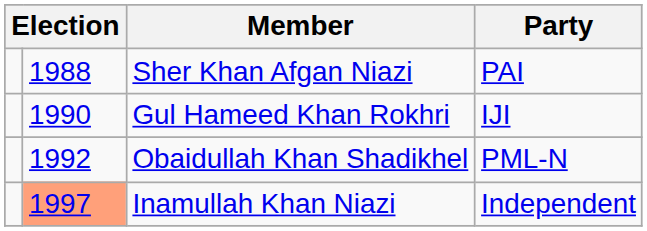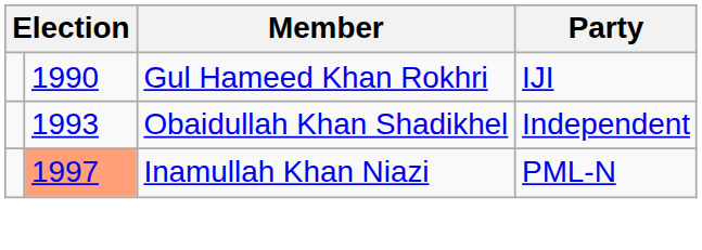 <table class="wikitable">
 <tr>
 <th colspan="2">Election</th>
 <th>Member</th>
 <th>Party</th>
-</tr>
-<tr>
-<td style="background-color: "></td>
-<td><a href='#'>1988</a></td>
-<td><a href='#'>Sher Khan Afgan Niazi</a></td>
-<td><a href='#'>PAI</a></td>
 </tr>
 <tr>
 <td style="background-color: "></td>
 <td><a href='#'>1990</a></td>
 <td><a href='#'>Gul Hameed Khan Rokhri</a></td>
 <td><a href='#'>IJI</a></td>
 </tr>
 <tr>
 <td style="background-color: "></td>
-<td><a href='#'>1992</a></td>
+<td><a href='#'>1993</a></td>
 <td><a href='#'>Obaidullah Khan Shadikhel</a></td>
-<td><a href='#'>PML-N</a></td>
+<td><a href='#'>Independent</a></td>
 </tr>
 <tr>
 <td style="background-color: "></td>
 <td style="background: lightsalmon;"><a href='#'>1997</a></td>
 <td><a href='#'>Inamullah Khan Niazi</a></td>
-<td><a href='#'>Independent</a></td>
+<td><a href='#'>PML-N</a></td>
 </tr>
 </table>
